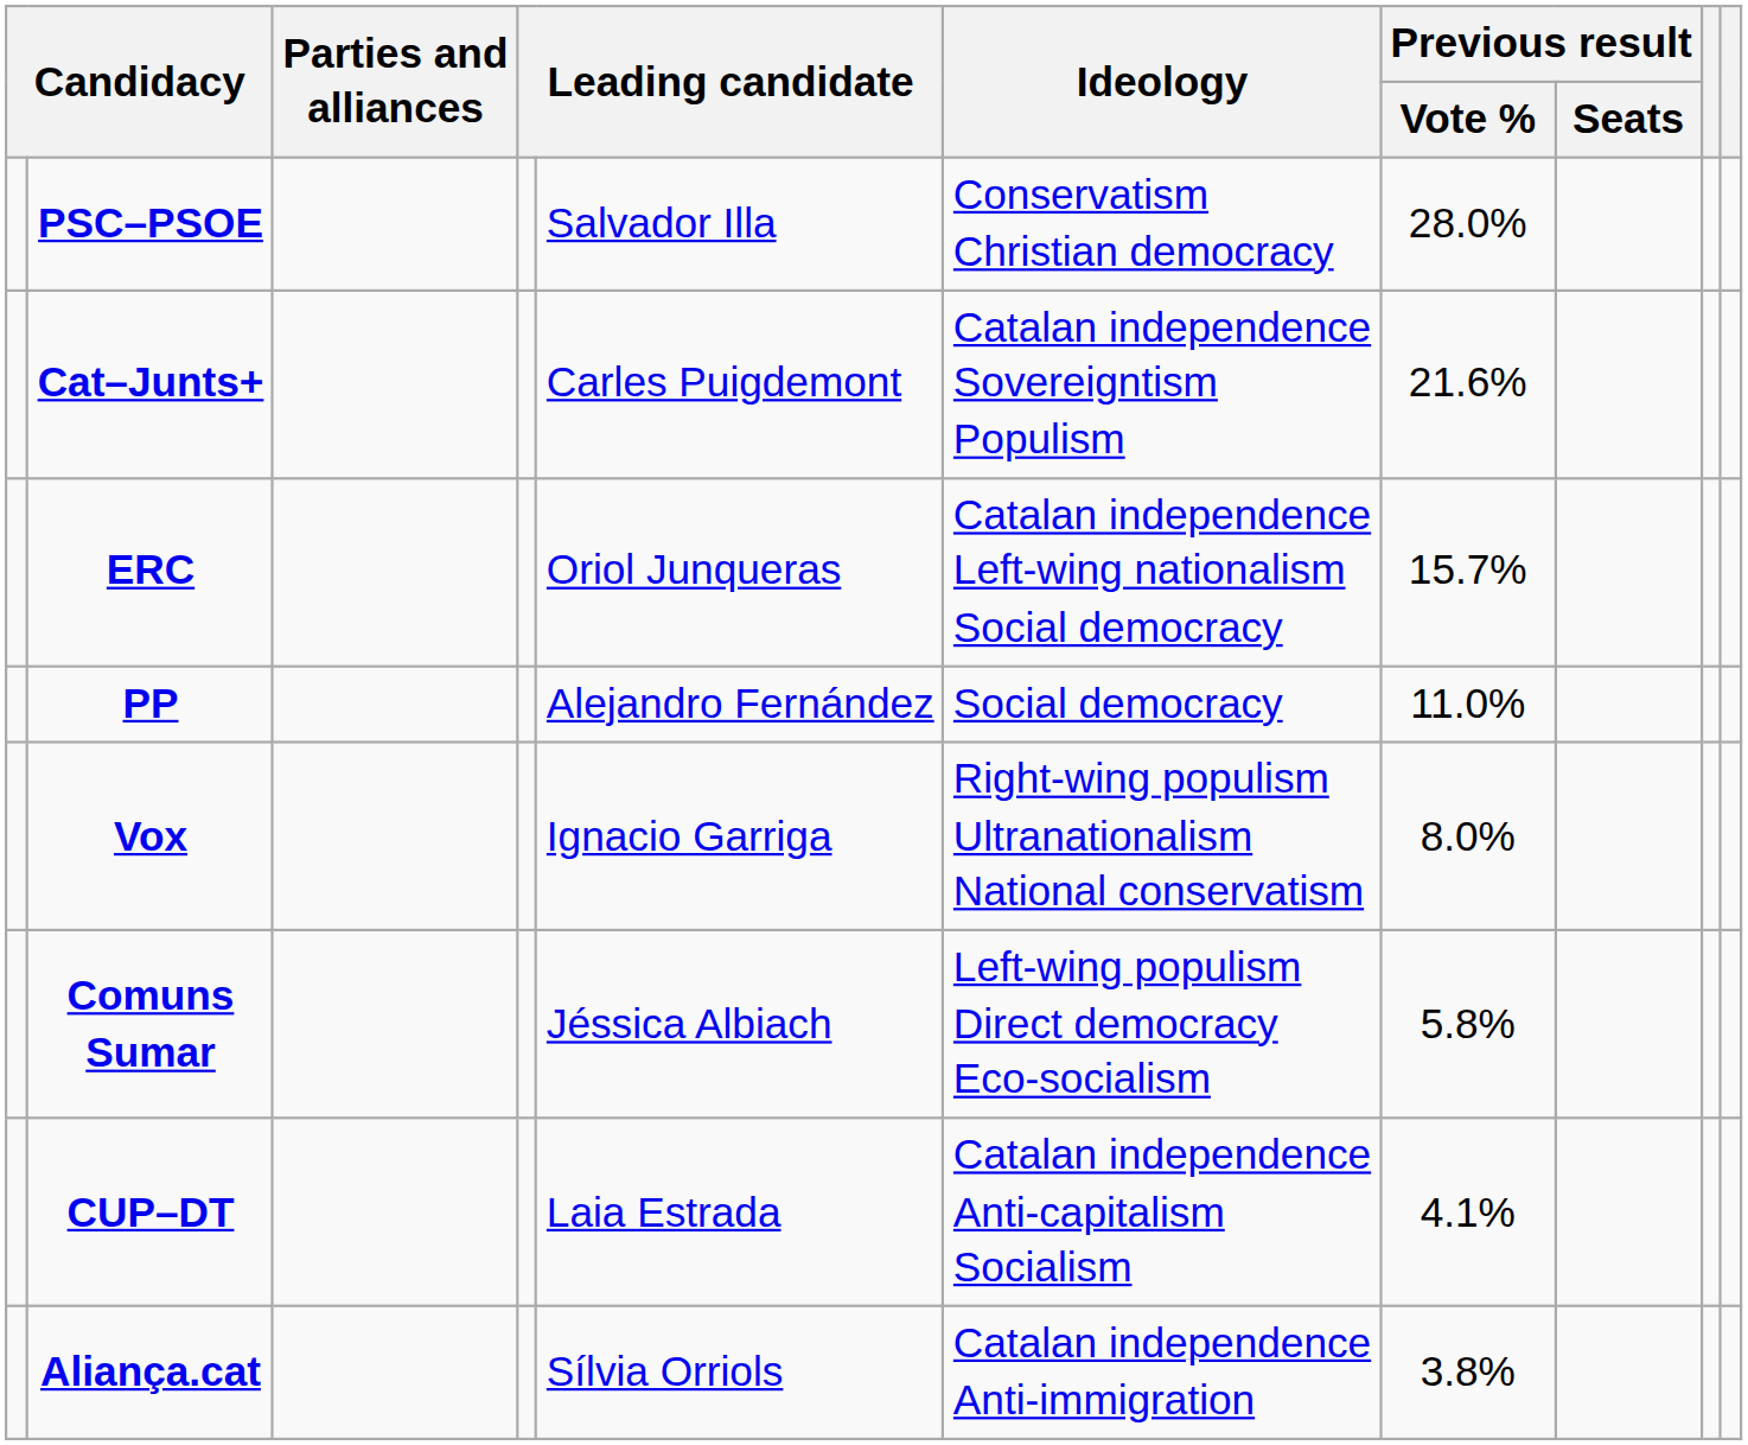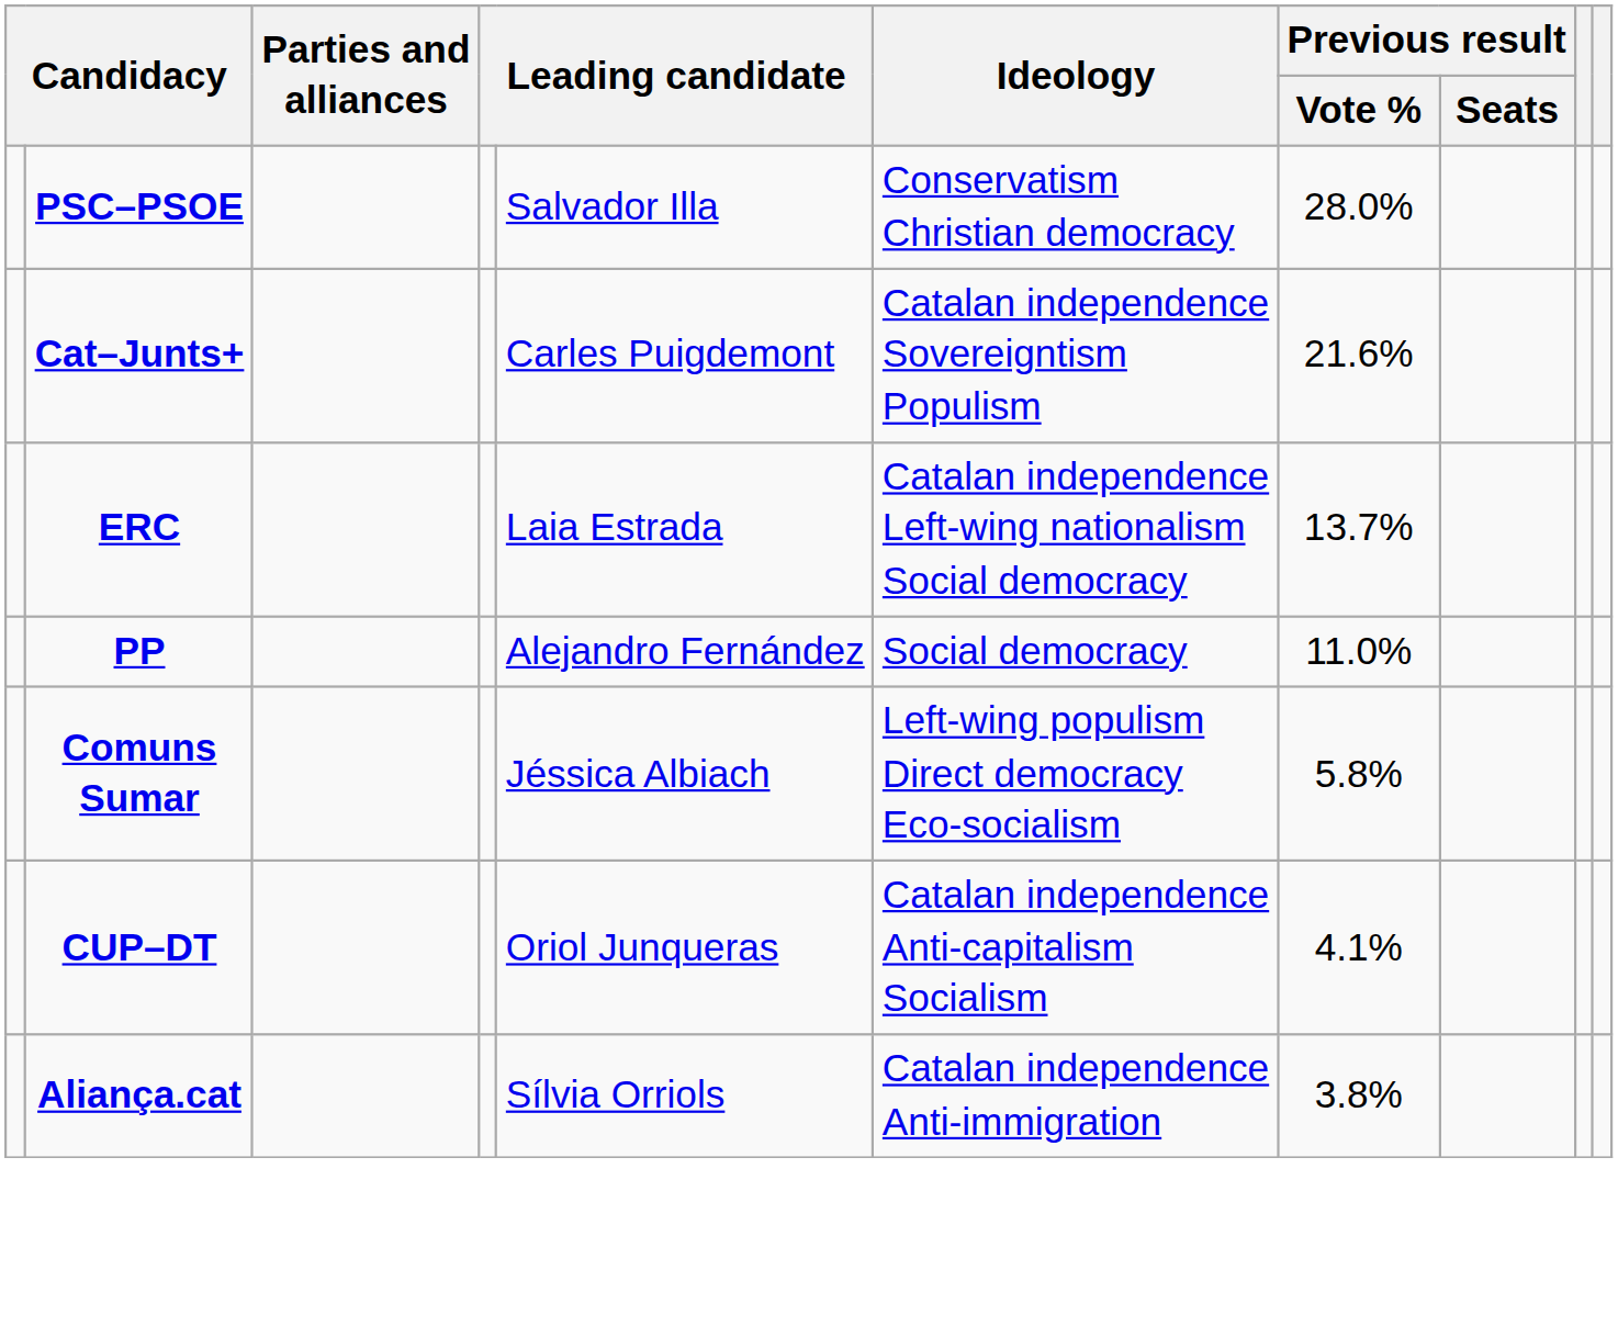 <table class="wikitable" style="line-height:1.35em; text-align:left;">
 <tr>
 <th colspan="2" rowspan="2">Candidacy</th>
 <th rowspan="2">Parties and<br>alliances</th>
 <th colspan="2" rowspan="2">Leading candidate</th>
 <th rowspan="2">Ideology</th>
 <th colspan="2">Previous result</th>
 <th rowspan="2"></th>
 <th rowspan="2"></th>
 </tr>
 <tr>
 <th>Vote %</th>
 <th>Seats</th>
 </tr>
 <tr>
 <td width="1" style="color:inherit;background:"></td>
 <td align="center"><strong><a href='#'>PSC–PSOE</a></strong></td>
 <td></td>
 <td></td>
 <td><a href='#'>Salvador Illa</a></td>
 <td><a href='#'>Conservatism</a><br><a href='#'>Christian democracy</a></td>
 <td align="center">28.0%</td>
 <td></td>
 <td></td>
 <td></td>
 </tr>
 <tr>
 <td style="color:inherit;background:"></td>
 <td align="center"><strong><a href='#'>Cat–Junts+</a></strong></td>
 <td></td>
 <td></td>
 <td><a href='#'>Carles Puigdemont</a></td>
 <td><a href='#'>Catalan independence</a><br><a href='#'>Sovereigntism</a><br><a href='#'>Populism</a></td>
 <td align="center">21.6%</td>
 <td></td>
 <td></td>
 <td></td>
 </tr>
 <tr>
 <td style="color:inherit;background:"></td>
 <td align="center"><strong><a href='#'>ERC</a></strong></td>
 <td></td>
 <td></td>
-<td><a href='#'>Oriol Junqueras</a></td>
+<td><a href='#'>Laia Estrada</a></td>
 <td><a href='#'>Catalan independence</a><br><a href='#'>Left-wing nationalism</a><br><a href='#'>Social democracy</a></td>
-<td align="center">15.7%</td>
+<td align="center">13.7%</td>
 <td></td>
 <td></td>
 <td><br></td>
 </tr>
 <tr>
 <td style="color:inherit;background:"></td>
 <td align="center"><strong><a href='#'>PP</a></strong></td>
 <td></td>
 <td></td>
 <td><a href='#'>Alejandro Fernández</a></td>
 <td><a href='#'>Social democracy</a></td>
 <td align="center">11.0%</td>
-<td></td>
-<td></td>
-<td></td>
-</tr>
-<tr>
-<td style="color:inherit;background:"></td>
-<td align="center"><strong><a href='#'>Vox</a></strong></td>
-<td></td>
-<td></td>
-<td><a href='#'>Ignacio Garriga</a></td>
-<td><a href='#'>Right-wing populism</a><br><a href='#'>Ultranationalism</a><br><a href='#'>National conservatism</a></td>
-<td align="center">8.0%</td>
 <td></td>
 <td></td>
 <td></td>
 </tr>
 <tr>
 <td style="color:inherit;background:"></td>
 <td align="center"><strong><a href='#'>Comuns<br>Sumar</a></strong></td>
 <td></td>
 <td></td>
 <td><a href='#'>Jéssica Albiach</a></td>
 <td><a href='#'>Left-wing populism</a><br><a href='#'>Direct democracy</a><br><a href='#'>Eco-socialism</a></td>
 <td align="center">5.8%</td>
 <td></td>
 <td></td>
 <td></td>
 </tr>
 <tr>
 <td style="color:inherit;background:"></td>
 <td align="center"><strong><a href='#'>CUP–DT</a></strong></td>
 <td></td>
 <td></td>
-<td><a href='#'>Laia Estrada</a></td>
+<td><a href='#'>Oriol Junqueras</a></td>
 <td><a href='#'>Catalan independence</a><br><a href='#'>Anti-capitalism</a><br><a href='#'>Socialism</a></td>
 <td align="center">4.1%</td>
 <td></td>
 <td></td>
 <td></td>
 </tr>
 <tr>
 <td style="color:inherit;background:"></td>
 <td align="center"><strong><a href='#'>Aliança.cat</a></strong></td>
 <td></td>
 <td></td>
 <td><a href='#'>Sílvia Orriols</a></td>
 <td><a href='#'>Catalan independence</a><br><a href='#'>Anti-immigration</a></td>
 <td align="center">3.8%</td>
 <td></td>
 <td></td>
 <td></td>
 </tr>
 </table>
